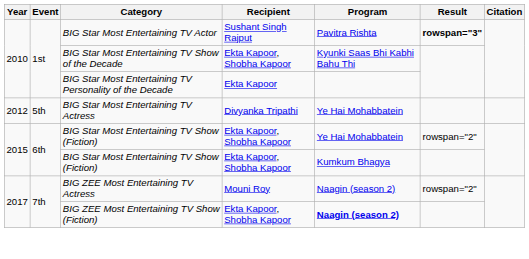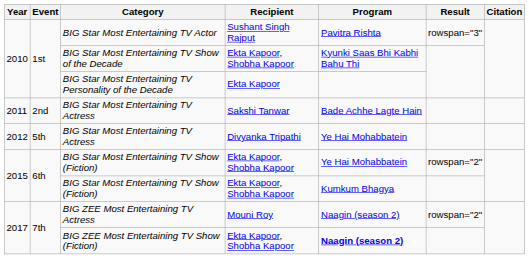 <table class="wikitable">
 <tr>
 <th>Year</th>
 <th>Event</th>
 <th>Category</th>
 <th>Recipient</th>
 <th>Program</th>
 <th>Result</th>
 <th>Citation</th>
 </tr>
 <tr>
 <td rowspan="3">2010</td>
 <td rowspan="3">1st</td>
 <td><em>BIG Star Most Entertaining TV Actor</em></td>
 <td><a href='#'>Sushant Singh Rajput</a></td>
 <td><a href='#'>Pavitra Rishta</a></td>
-<td><strong>rowspan="3" </strong></td>
+<td>rowspan="3" </td>
 <td rowspan="3"></td>
 </tr>
 <tr>
 <td><em>BIG Star Most Entertaining TV Show of the Decade</em></td>
 <td><a href='#'>Ekta Kapoor</a>, <a href='#'>Shobha Kapoor</a></td>
 <td><a href='#'>Kyunki Saas Bhi Kabhi Bahu Thi</a></td>
 </tr>
 <tr>
 <td><em>BIG Star Most Entertaining TV Personality of the Decade</em></td>
 <td><a href='#'>Ekta Kapoor</a></td>
+<td></td>
+</tr>
+<tr>
+<td>2011</td>
+<td>2nd</td>
+<td><em>BIG Star Most Entertaining TV Actress</em></td>
+<td><a href='#'>Sakshi Tanwar</a></td>
+<td><a href='#'>Bade Achhe Lagte Hain</a></td>
+<td></td>
 <td></td>
 </tr>
 <tr>
 <td>2012</td>
 <td>5th</td>
 <td><em>BIG Star Most Entertaining TV Actress</em></td>
 <td><a href='#'>Divyanka Tripathi</a></td>
 <td><a href='#'>Ye Hai Mohabbatein</a></td>
 <td></td>
 <td></td>
 </tr>
 <tr>
 <td rowspan="2">2015</td>
 <td rowspan="2">6th</td>
 <td><em>BIG Star Most Entertaining TV Show (Fiction)</em></td>
 <td><a href='#'>Ekta Kapoor</a>, <a href='#'>Shobha Kapoor</a></td>
 <td><a href='#'>Ye Hai Mohabbatein</a></td>
 <td>rowspan="2" </td>
 <td rowspan="2"></td>
 </tr>
 <tr>
 <td><em>BIG Star Most Entertaining TV Show (Fiction)</em></td>
 <td><a href='#'>Ekta Kapoor</a>, <a href='#'>Shobha Kapoor</a></td>
 <td><a href='#'>Kumkum Bhagya</a></td>
 </tr>
 <tr>
 <td rowspan="2">2017</td>
 <td rowspan="2">7th</td>
 <td><em>BIG ZEE Most Entertaining TV Actress</em></td>
 <td><a href='#'>Mouni Roy</a></td>
 <td><a href='#'>Naagin (season 2)</a></td>
 <td>rowspan="2" </td>
 <td rowspan="2"></td>
 </tr>
 <tr>
 <td><em>BIG ZEE Most Entertaining TV Show (Fiction)</em></td>
 <td><a href='#'>Ekta Kapoor</a>, <a href='#'>Shobha Kapoor</a></td>
 <td><strong><a href='#'>Naagin (season 2)</a></strong></td>
 </tr>
 </table>
